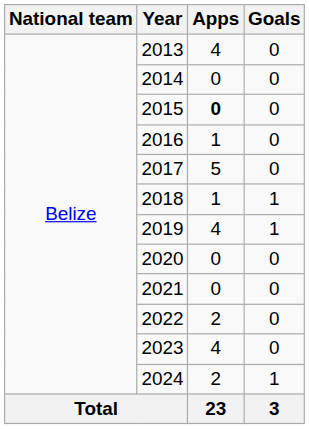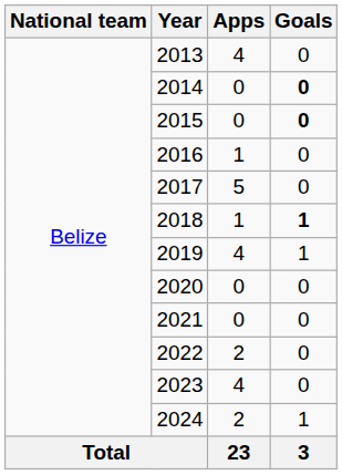 <table class=wikitable style=text-align:center>
 <tr>
 <th>National team</th>
 <th>Year</th>
 <th>Apps</th>
 <th>Goals</th>
 </tr>
 <tr>
 <td rowspan="12"><a href='#'>Belize</a></td>
 <td>2013</td>
 <td>4</td>
 <td>0</td>
 </tr>
 <tr>
 <td>2014</td>
 <td>0</td>
-<td>0</td>
+<td><strong>0</strong></td>
 </tr>
 <tr>
 <td>2015</td>
+<td>0</td>
 <td><strong>0</strong></td>
-<td>0</td>
 </tr>
 <tr>
 <td>2016</td>
 <td>1</td>
 <td>0</td>
 </tr>
 <tr>
 <td>2017</td>
 <td>5</td>
 <td>0</td>
 </tr>
 <tr>
 <td>2018</td>
 <td>1</td>
-<td>1</td>
+<td><strong>1</strong></td>
 </tr>
 <tr>
 <td>2019</td>
 <td>4</td>
 <td>1</td>
 </tr>
 <tr>
 <td>2020</td>
 <td>0</td>
 <td>0</td>
 </tr>
 <tr>
 <td>2021</td>
 <td>0</td>
 <td>0</td>
 </tr>
 <tr>
 <td>2022</td>
 <td>2</td>
 <td>0</td>
 </tr>
 <tr>
 <td>2023</td>
 <td>4</td>
 <td>0</td>
 </tr>
 <tr>
 <td>2024</td>
 <td>2</td>
 <td>1</td>
 </tr>
 <tr>
 <th colspan="2">Total</th>
 <th>23</th>
 <th>3</th>
 </tr>
 </table>
